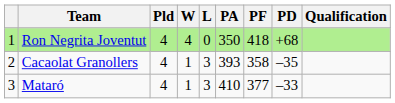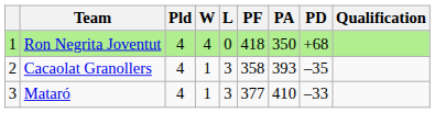 <table class="wikitable" style="text-align:center; display:inline-table;">
 <tr>
 <th></th>
 <th>Team</th>
 <th>Pld</th>
 <th>W</th>
 <th>L</th>
+<th>PF</th>
 <th>PA</th>
-<th>PF</th>
 <th>PD</th>
 <th>Qualification</th>
 </tr>
 <tr style="background: #B0EE90">
 <td>1</td>
 <td align=left><a href='#'>Ron Negrita Joventut</a></td>
 <td>4</td>
 <td>4</td>
 <td>0</td>
+<td>418</td>
 <td>350</td>
-<td>418</td>
 <td>+68</td>
 <td></td>
 </tr>
 <tr>
 <td>2</td>
 <td align=left><a href='#'>Cacaolat Granollers</a></td>
 <td>4</td>
 <td>1</td>
 <td>3</td>
+<td>358</td>
 <td>393</td>
-<td>358</td>
 <td>–35</td>
 <td></td>
 </tr>
 <tr>
 <td>3</td>
 <td align=left><a href='#'>Mataró</a></td>
 <td>4</td>
 <td>1</td>
 <td>3</td>
+<td>377</td>
 <td>410</td>
-<td>377</td>
 <td>–33</td>
 <td></td>
 </tr>
 </table>
